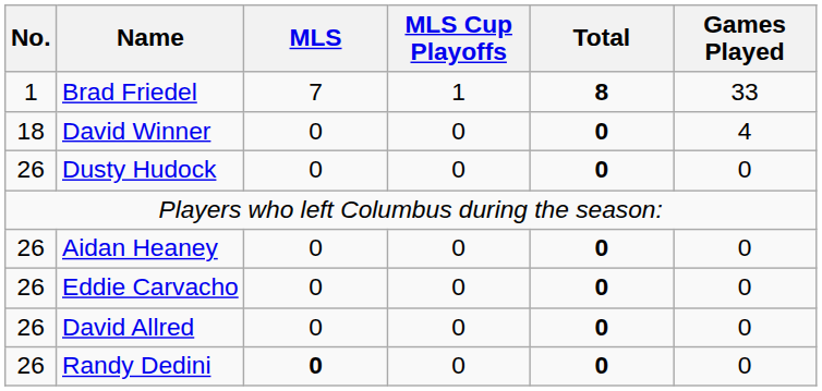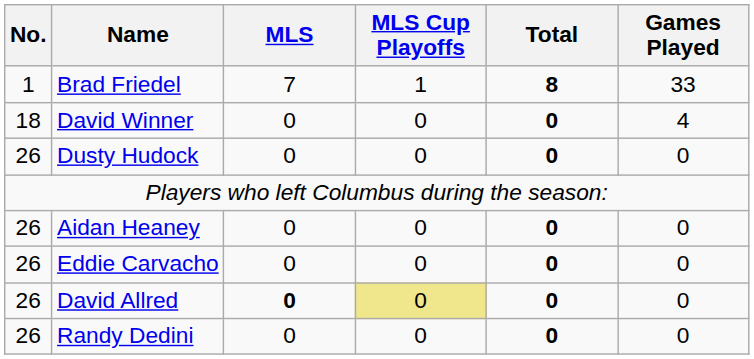 <table class="wikitable sortable" style="text-align: center;">
 <tr>
 <th rowspan=1>No.</th>
 <th rowspan=1>Name</th>
 <th style="width:85px;"><a href='#'>MLS</a></th>
 <th style="width:85px;"><a href='#'>MLS Cup Playoffs</a></th>
 <th style="width:85px;"><strong>Total</strong></th>
 <th style="width:85px;"><strong>Games Played</strong></th>
 </tr>
 <tr>
 <td>1</td>
 <td align=left> <a href='#'>Brad Friedel</a></td>
 <td>7</td>
 <td>1</td>
 <td><strong>8</strong></td>
 <td>33</td>
 </tr>
 <tr>
 <td>18</td>
 <td align=left> <a href='#'>David Winner</a></td>
 <td>0</td>
 <td>0</td>
 <td><strong>0</strong></td>
 <td>4</td>
 </tr>
 <tr>
 <td>26</td>
 <td align=left> <a href='#'>Dusty Hudock</a></td>
 <td>0</td>
 <td>0</td>
 <td><strong>0</strong></td>
 <td>0</td>
 </tr>
 <tr>
 <td colspan=9 align=center><em>Players who left Columbus during the season:</em></td>
 </tr>
 <tr>
 <td>26</td>
 <td align=left> <a href='#'>Aidan Heaney</a></td>
 <td>0</td>
 <td>0</td>
 <td><strong>0</strong></td>
 <td>0</td>
 </tr>
 <tr>
 <td>26</td>
 <td align=left> <a href='#'>Eddie Carvacho</a></td>
 <td>0</td>
 <td>0</td>
 <td><strong>0</strong></td>
 <td>0</td>
 </tr>
 <tr>
 <td>26</td>
 <td align=left> <a href='#'>David Allred</a></td>
-<td>0</td>
-<td>0</td>
+<td><strong>0</strong></td>
+<td style="background: khaki;">0</td>
 <td><strong>0</strong></td>
 <td>0</td>
 </tr>
 <tr>
 <td>26</td>
 <td align=left> <a href='#'>Randy Dedini</a></td>
-<td><strong>0</strong></td>
+<td>0</td>
 <td>0</td>
 <td><strong>0</strong></td>
 <td>0</td>
 </tr>
 </table>
